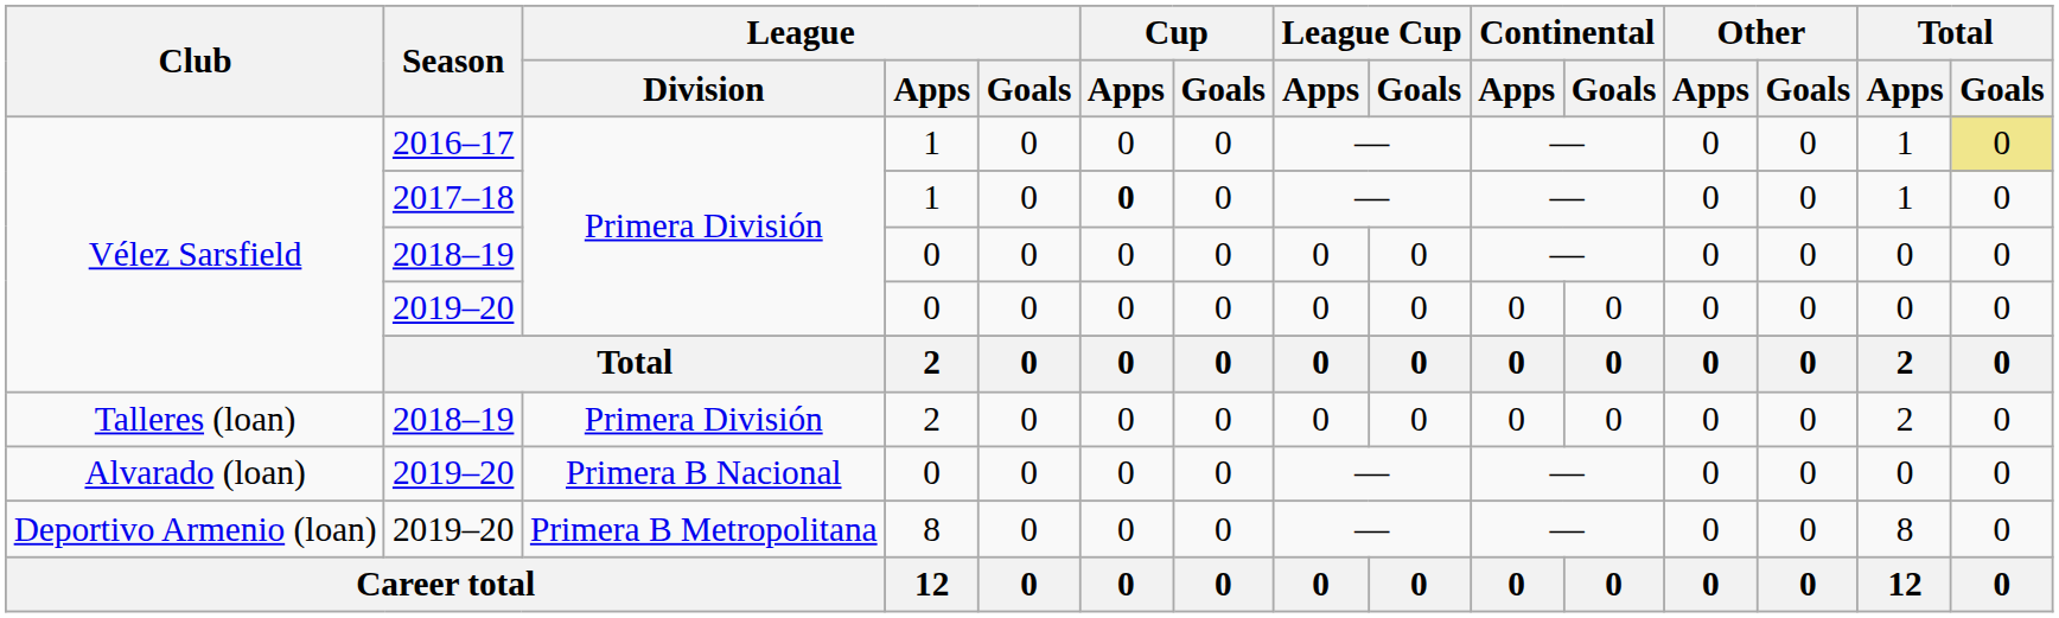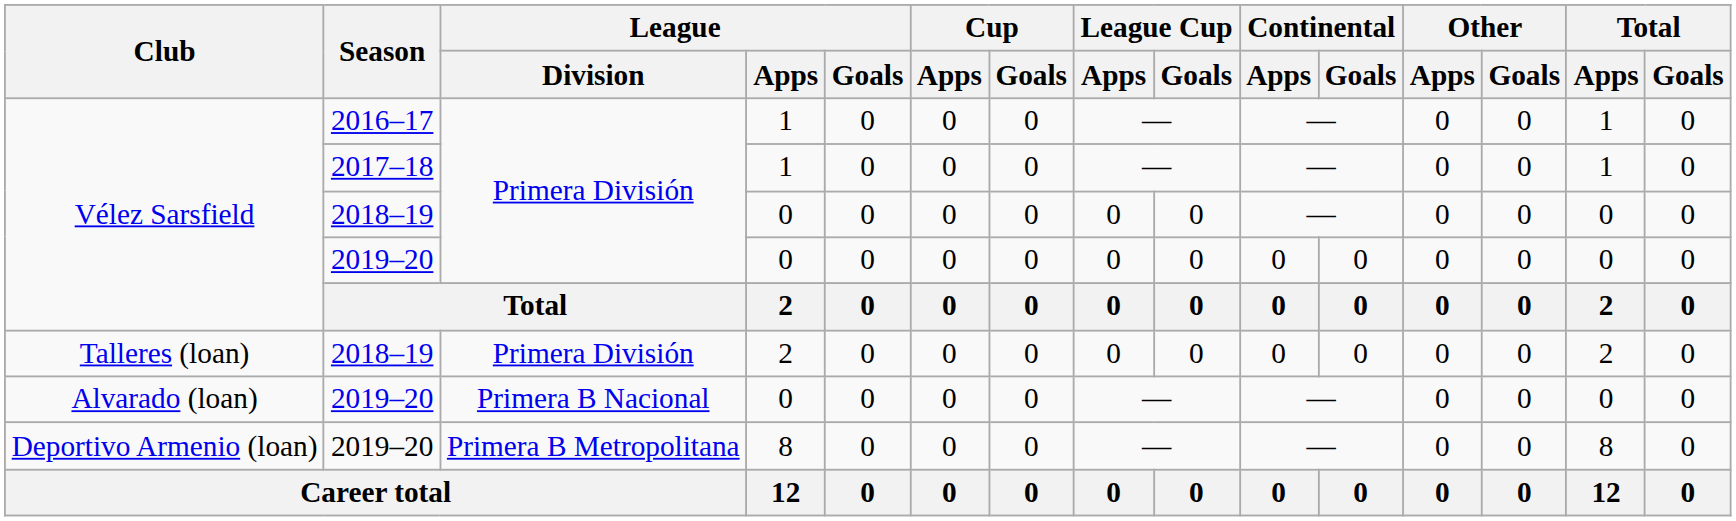 <table class="wikitable" style="text-align:center">
 <tr>
 <th rowspan="2">Club</th>
 <th rowspan="2">Season</th>
 <th colspan="3">League</th>
 <th colspan="2">Cup</th>
 <th colspan="2">League Cup</th>
 <th colspan="2">Continental</th>
 <th colspan="2">Other</th>
 <th colspan="2">Total</th>
 </tr>
 <tr>
 <th>Division</th>
 <th>Apps</th>
 <th>Goals</th>
 <th>Apps</th>
 <th>Goals</th>
 <th>Apps</th>
 <th>Goals</th>
 <th>Apps</th>
 <th>Goals</th>
 <th>Apps</th>
 <th>Goals</th>
 <th>Apps</th>
 <th>Goals</th>
 </tr>
 <tr>
 <td rowspan="5"><a href='#'>Vélez Sarsfield</a></td>
 <td><a href='#'>2016–17</a></td>
 <td rowspan="4"><a href='#'>Primera División</a></td>
 <td>1</td>
 <td>0</td>
 <td>0</td>
 <td>0</td>
 <td colspan="2">—</td>
 <td colspan="2">—</td>
 <td>0</td>
 <td>0</td>
 <td>1</td>
-<td style="background: khaki;">0</td>
+<td>0</td>
 </tr>
 <tr>
 <td><a href='#'>2017–18</a></td>
 <td>1</td>
 <td>0</td>
-<td><strong>0</strong></td>
+<td>0</td>
 <td>0</td>
 <td colspan="2">—</td>
 <td colspan="2">—</td>
 <td>0</td>
 <td>0</td>
 <td>1</td>
 <td>0</td>
 </tr>
 <tr>
 <td><a href='#'>2018–19</a></td>
 <td>0</td>
 <td>0</td>
 <td>0</td>
 <td>0</td>
 <td>0</td>
 <td>0</td>
 <td colspan="2">—</td>
 <td>0</td>
 <td>0</td>
 <td>0</td>
 <td>0</td>
 </tr>
 <tr>
 <td><a href='#'>2019–20</a></td>
 <td>0</td>
 <td>0</td>
 <td>0</td>
 <td>0</td>
 <td>0</td>
 <td>0</td>
 <td>0</td>
 <td>0</td>
 <td>0</td>
 <td>0</td>
 <td>0</td>
 <td>0</td>
 </tr>
 <tr>
 <th colspan="2">Total</th>
 <th>2</th>
 <th>0</th>
 <th>0</th>
 <th>0</th>
 <th>0</th>
 <th>0</th>
 <th>0</th>
 <th>0</th>
 <th>0</th>
 <th>0</th>
 <th>2</th>
 <th>0</th>
 </tr>
 <tr>
 <td rowspan="1"><a href='#'>Talleres</a> (loan)</td>
 <td><a href='#'>2018–19</a></td>
 <td rowspan="1"><a href='#'>Primera División</a></td>
 <td>2</td>
 <td>0</td>
 <td>0</td>
 <td>0</td>
 <td>0</td>
 <td>0</td>
 <td>0</td>
 <td>0</td>
 <td>0</td>
 <td>0</td>
 <td>2</td>
 <td>0</td>
 </tr>
 <tr>
 <td rowspan="1"><a href='#'>Alvarado</a> (loan)</td>
 <td><a href='#'>2019–20</a></td>
 <td rowspan="1"><a href='#'>Primera B Nacional</a></td>
 <td>0</td>
 <td>0</td>
 <td>0</td>
 <td>0</td>
 <td colspan="2">—</td>
 <td colspan="2">—</td>
 <td>0</td>
 <td>0</td>
 <td>0</td>
 <td>0</td>
 </tr>
 <tr>
 <td rowspan="1"><a href='#'>Deportivo Armenio</a> (loan)</td>
 <td>2019–20</td>
 <td rowspan="1"><a href='#'>Primera B Metropolitana</a></td>
 <td>8</td>
 <td>0</td>
 <td>0</td>
 <td>0</td>
 <td colspan="2">—</td>
 <td colspan="2">—</td>
 <td>0</td>
 <td>0</td>
 <td>8</td>
 <td>0</td>
 </tr>
 <tr>
 <th colspan="3">Career total</th>
 <th>12</th>
 <th>0</th>
 <th>0</th>
 <th>0</th>
 <th>0</th>
 <th>0</th>
 <th>0</th>
 <th>0</th>
 <th>0</th>
 <th>0</th>
 <th>12</th>
 <th>0</th>
 </tr>
 </table>
